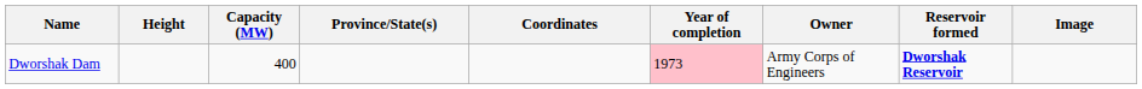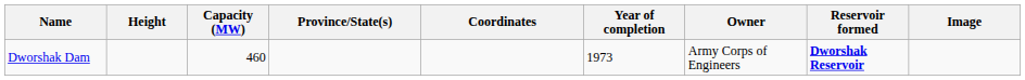 <table class="wikitable sortable" border="1">
 <tr>
 <th width="10%">Name</th>
 <th width="8%">Height</th>
 <th width="8%">Capacity (<a href='#'>MW</a>)</th>
 <th width="15%">Province/State(s)</th>
 <th width="16%">Coordinates</th>
 <th width="10%">Year of completion</th>
 <th width="12%">Owner</th>
 <th width="10%">Reservoir formed</th>
 <th>Image</th>
 </tr>
 <tr>
 <td><a href='#'>Dworshak Dam</a></td>
 <td></td>
-<td align=right>400</td>
+<td align=right>460</td>
 <td></td>
 <td></td>
-<td style="background: pink;">1973</td>
+<td>1973</td>
 <td>Army Corps of Engineers</td>
 <td><strong><a href='#'>Dworshak Reservoir</a></strong></td>
 <td></td>
 </tr>
 </table>
